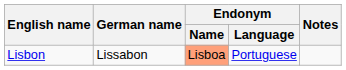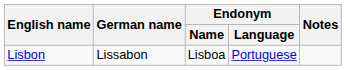 <table class="wikitable sortable mw-collapsible">
 <tr>
 <th rowspan="2">English name</th>
 <th rowspan="2">German name</th>
 <th colspan="2">Endonym</th>
 <th rowspan="2">Notes</th>
 </tr>
 <tr>
 <th>Name</th>
 <th>Language</th>
 </tr>
 <tr>
 <td><a href='#'>Lisbon</a></td>
 <td>Lissabon</td>
-<td style="background: lightsalmon;">Lisboa</td>
+<td>Lisboa</td>
 <td><a href='#'>Portuguese</a></td>
 <td></td>
 </tr>
 </table>
